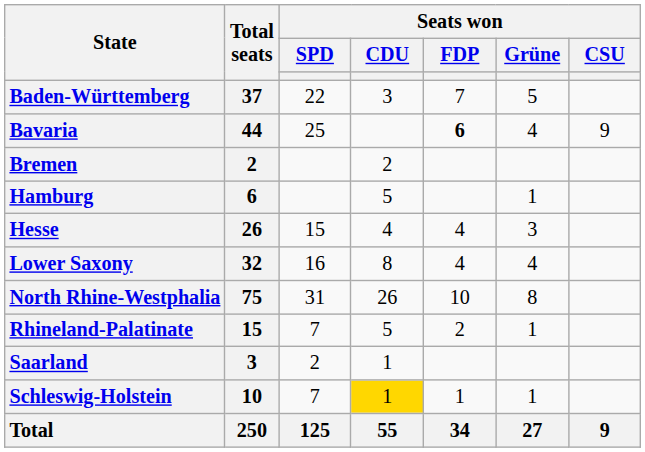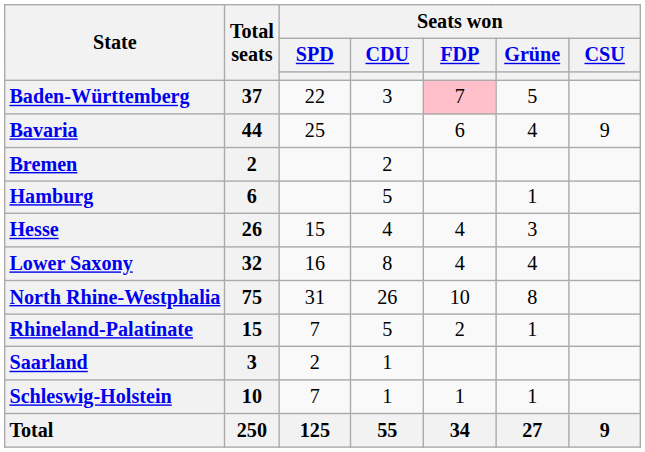 <table class="wikitable" style="text-align:center; font-size: 0.9em;">
 <tr>
 <th rowspan="3">State</th>
 <th rowspan="3">Total<br>seats</th>
 <th colspan="5">Seats won</th>
 </tr>
 <tr>
 <th class="unsortable" style="width:45px;"><a href='#'>SPD</a></th>
 <th class="unsortable" style="width:45px;"><a href='#'>CDU</a></th>
 <th class="unsortable" style="width:45px;"><a href='#'>FDP</a></th>
 <th class="unsortable" style="width:45px;"><a href='#'>Grüne</a></th>
 <th class="unsortable" style="width:45px;"><a href='#'>CSU</a></th>
 </tr>
 <tr>
 <th style="background:"></th>
 <th style="background:"></th>
 <th style="background:"></th>
 <th style="background:"></th>
 <th style="background:"></th>
 </tr>
 <tr>
 <th style="text-align: left;"><a href='#'>Baden-Württemberg</a></th>
 <th>37</th>
 <td>22</td>
 <td>3</td>
-<td>7</td>
+<td style="background: pink;">7</td>
 <td>5</td>
 <td></td>
 </tr>
 <tr>
 <th style="text-align: left;"><a href='#'>Bavaria</a></th>
 <th>44</th>
 <td>25</td>
 <td></td>
-<td><strong>6</strong></td>
+<td>6</td>
 <td>4</td>
 <td>9</td>
 </tr>
 <tr>
 <th style="text-align: left;"><a href='#'>Bremen</a></th>
 <th>2</th>
 <td></td>
 <td>2</td>
 <td></td>
 <td></td>
 <td></td>
 </tr>
 <tr>
 <th style="text-align: left;"><a href='#'>Hamburg</a></th>
 <th>6</th>
 <td></td>
 <td>5</td>
 <td></td>
 <td>1</td>
 <td></td>
 </tr>
 <tr>
 <th style="text-align: left;"><a href='#'>Hesse</a></th>
 <th>26</th>
 <td>15</td>
 <td>4</td>
 <td>4</td>
 <td>3</td>
 <td></td>
 </tr>
 <tr>
 <th style="text-align: left;"><a href='#'>Lower Saxony</a></th>
 <th>32</th>
 <td>16</td>
 <td>8</td>
 <td>4</td>
 <td>4</td>
 <td></td>
 </tr>
 <tr>
 <th style="text-align: left;"><a href='#'>North Rhine-Westphalia</a></th>
 <th>75</th>
 <td>31</td>
 <td>26</td>
 <td>10</td>
 <td>8</td>
 <td></td>
 </tr>
 <tr>
 <th style="text-align: left;"><a href='#'>Rhineland-Palatinate</a></th>
 <th>15</th>
 <td>7</td>
 <td>5</td>
 <td>2</td>
 <td>1</td>
 <td></td>
 </tr>
 <tr>
 <th style="text-align: left;"><a href='#'>Saarland</a></th>
 <th>3</th>
 <td>2</td>
 <td>1</td>
 <td></td>
 <td></td>
 <td></td>
 </tr>
 <tr>
 <th style="text-align: left;"><a href='#'>Schleswig-Holstein</a></th>
 <th>10</th>
 <td>7</td>
-<td style="background: gold;">1</td>
+<td>1</td>
 <td>1</td>
 <td>1</td>
 <td></td>
 </tr>
 <tr class="sortbottom">
 <th style="text-align: left;">Total</th>
 <th>250</th>
 <th>125</th>
 <th>55</th>
 <th>34</th>
 <th>27</th>
 <th>9</th>
 </tr>
 </table>
